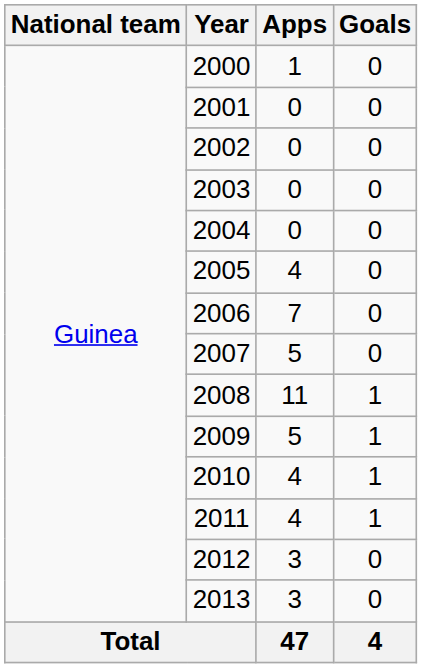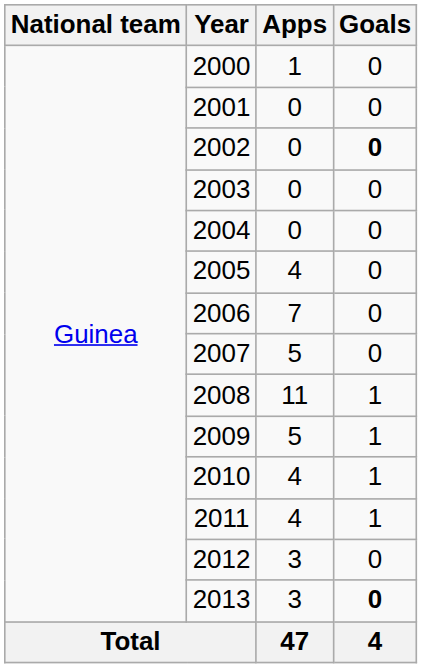 <table class="wikitable" style="text-align:center">
 <tr>
 <th>National team</th>
 <th>Year</th>
 <th>Apps</th>
 <th>Goals</th>
 </tr>
 <tr>
 <td rowspan="14"><a href='#'>Guinea</a></td>
 <td>2000</td>
 <td>1</td>
 <td>0</td>
 </tr>
 <tr>
 <td>2001</td>
 <td>0</td>
 <td>0</td>
 </tr>
 <tr>
 <td>2002</td>
 <td>0</td>
-<td>0</td>
+<td><strong>0</strong></td>
 </tr>
 <tr>
 <td>2003</td>
 <td>0</td>
 <td>0</td>
 </tr>
 <tr>
 <td>2004</td>
 <td>0</td>
 <td>0</td>
 </tr>
 <tr>
 <td>2005</td>
 <td>4</td>
 <td>0</td>
 </tr>
 <tr>
 <td>2006</td>
 <td>7</td>
 <td>0</td>
 </tr>
 <tr>
 <td>2007</td>
 <td>5</td>
 <td>0</td>
 </tr>
 <tr>
 <td>2008</td>
 <td>11</td>
 <td>1</td>
 </tr>
 <tr>
 <td>2009</td>
 <td>5</td>
 <td>1</td>
 </tr>
 <tr>
 <td>2010</td>
 <td>4</td>
 <td>1</td>
 </tr>
 <tr>
 <td>2011</td>
 <td>4</td>
 <td>1</td>
 </tr>
 <tr>
 <td>2012</td>
 <td>3</td>
 <td>0</td>
 </tr>
 <tr>
 <td>2013</td>
 <td>3</td>
-<td>0</td>
+<td><strong>0</strong></td>
 </tr>
 <tr>
 <th colspan="2">Total</th>
 <th>47</th>
 <th>4</th>
 </tr>
 </table>
